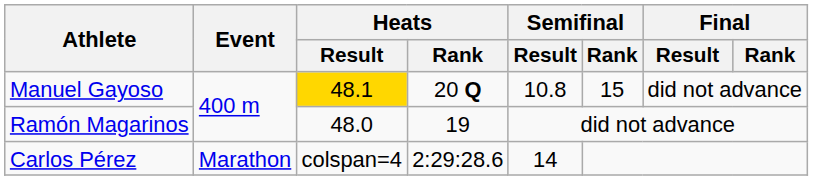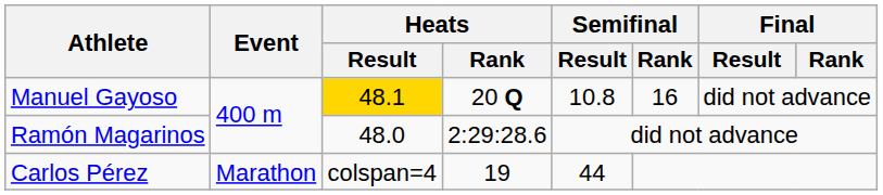 <table class="wikitable" style="font-size:90%">
 <tr>
 <th rowspan="2">Athlete</th>
 <th rowspan="2">Event</th>
 <th colspan="2">Heats</th>
 <th colspan="2">Semifinal</th>
 <th colspan="2">Final</th>
 </tr>
 <tr style="font-size:95%">
 <th>Result</th>
 <th>Rank</th>
 <th>Result</th>
 <th>Rank</th>
 <th>Result</th>
 <th>Rank</th>
 </tr>
 <tr align=center>
 <td align=left><a href='#'>Manuel Gayoso</a></td>
 <td align=left rowspan=2><a href='#'>400 m</a></td>
 <td style="background: gold;">48.1</td>
 <td>20 <strong>Q</strong></td>
 <td>10.8</td>
-<td>15</td>
+<td>16</td>
 <td colspan=2>did not advance</td>
 </tr>
 <tr align=center>
 <td align=left><a href='#'>Ramón Magarinos</a></td>
 <td>48.0</td>
-<td>19</td>
+<td>2:29:28.6</td>
 <td colspan=4>did not advance</td>
 </tr>
 <tr align=center>
 <td align=left><a href='#'>Carlos Pérez</a></td>
 <td align=left><a href='#'>Marathon</a></td>
 <td>colspan=4 </td>
-<td>2:29:28.6</td>
-<td>14</td>
+<td>19</td>
+<td>44</td>
 </tr>
 </table>
